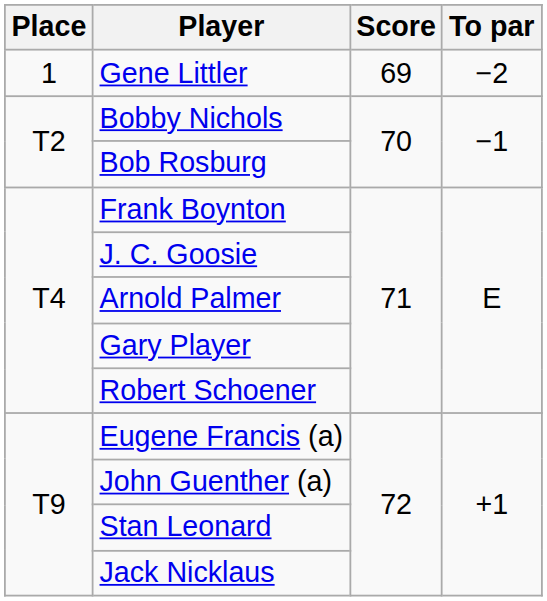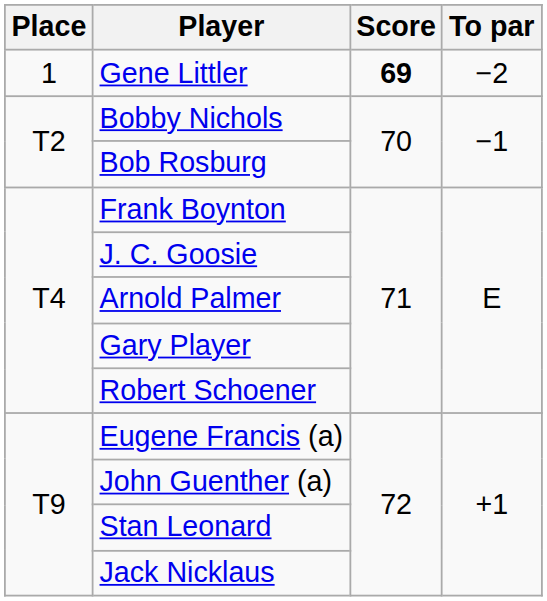 <table class=wikitable>
 <tr>
 <th>Place</th>
 <th>Player</th>
 <th>Score</th>
 <th>To par</th>
 </tr>
 <tr>
 <td align=center>1</td>
 <td> <a href='#'>Gene Littler</a></td>
-<td align=center>69</td>
+<td align=center><strong>69</strong></td>
 <td align=center>−2</td>
 </tr>
 <tr>
 <td align=center rowspan=2>T2</td>
 <td> <a href='#'>Bobby Nichols</a></td>
 <td rowspan=2 align=center>70</td>
 <td rowspan=2 align=center>−1</td>
 </tr>
 <tr>
 <td> <a href='#'>Bob Rosburg</a></td>
 </tr>
 <tr>
 <td align=center rowspan=5>T4</td>
 <td> <a href='#'>Frank Boynton</a></td>
 <td rowspan=5 align=center>71</td>
 <td rowspan=5 align=center>E</td>
 </tr>
 <tr>
 <td> <a href='#'>J. C. Goosie</a></td>
 </tr>
 <tr>
 <td> <a href='#'>Arnold Palmer</a></td>
 </tr>
 <tr>
 <td> <a href='#'>Gary Player</a></td>
 </tr>
 <tr>
 <td> <a href='#'>Robert Schoener</a></td>
 </tr>
 <tr>
 <td rowspan=4 align=center>T9</td>
 <td> <a href='#'>Eugene Francis</a> (a)</td>
 <td rowspan=4 align=center>72</td>
 <td rowspan=4 align=center>+1</td>
 </tr>
 <tr>
 <td> <a href='#'>John Guenther</a> (a)</td>
 </tr>
 <tr>
 <td> <a href='#'>Stan Leonard</a></td>
 </tr>
 <tr>
 <td> <a href='#'>Jack Nicklaus</a></td>
 </tr>
 </table>
